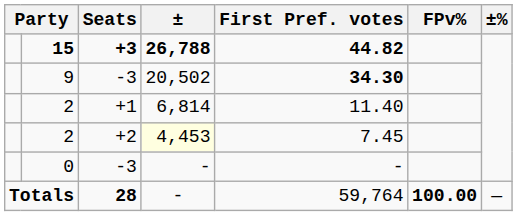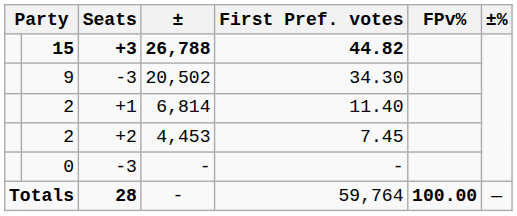 <table class=wikitable>
 <tr>
 <th colspan=2 align=center>Party</th>
 <th valign=top>Seats</th>
 <th valign=top>±</th>
 <th valign=top>First Pref. votes</th>
 <th valign=top>FPv%</th>
 <th valign=top>±%</th>
 </tr>
 <tr>
 <td></td>
 <td align=right><strong>15</strong></td>
 <td align=right><strong>+3</strong></td>
 <td align=right><strong>26,788</strong></td>
 <td align=right><strong>44.82</strong></td>
 <td align=right></td>
 </tr>
 <tr>
 <td></td>
 <td align=right>9</td>
 <td align=right>-3</td>
 <td align=right>20,502</td>
-<td align=right><strong>34.30</strong></td>
+<td align=right>34.30</td>
 <td align=right></td>
 </tr>
 <tr>
 <td></td>
 <td align=right>2</td>
 <td align=right>+1</td>
 <td align=right>6,814</td>
 <td align=right>11.40</td>
 <td align=right></td>
 </tr>
 <tr>
 <td></td>
 <td align=right>2</td>
 <td align=right>+2</td>
-<td align=right style="background: lightyellow;">4,453</td>
+<td align=right>4,453</td>
 <td align=right>7.45</td>
 <td align=right></td>
 </tr>
 <tr>
 <td></td>
 <td align=right>0</td>
 <td align=right>-3</td>
 <td align=right>-</td>
 <td align=right>-</td>
 <td align=right></td>
 </tr>
 <tr>
 <td colspan=2 align=center><strong>Totals</strong></td>
 <td align=right><strong>28</strong></td>
 <td align=center>-</td>
 <td align=right>59,764</td>
 <td align=center><strong>100.00</strong></td>
 <td align=center>—</td>
 </tr>
 </table>
